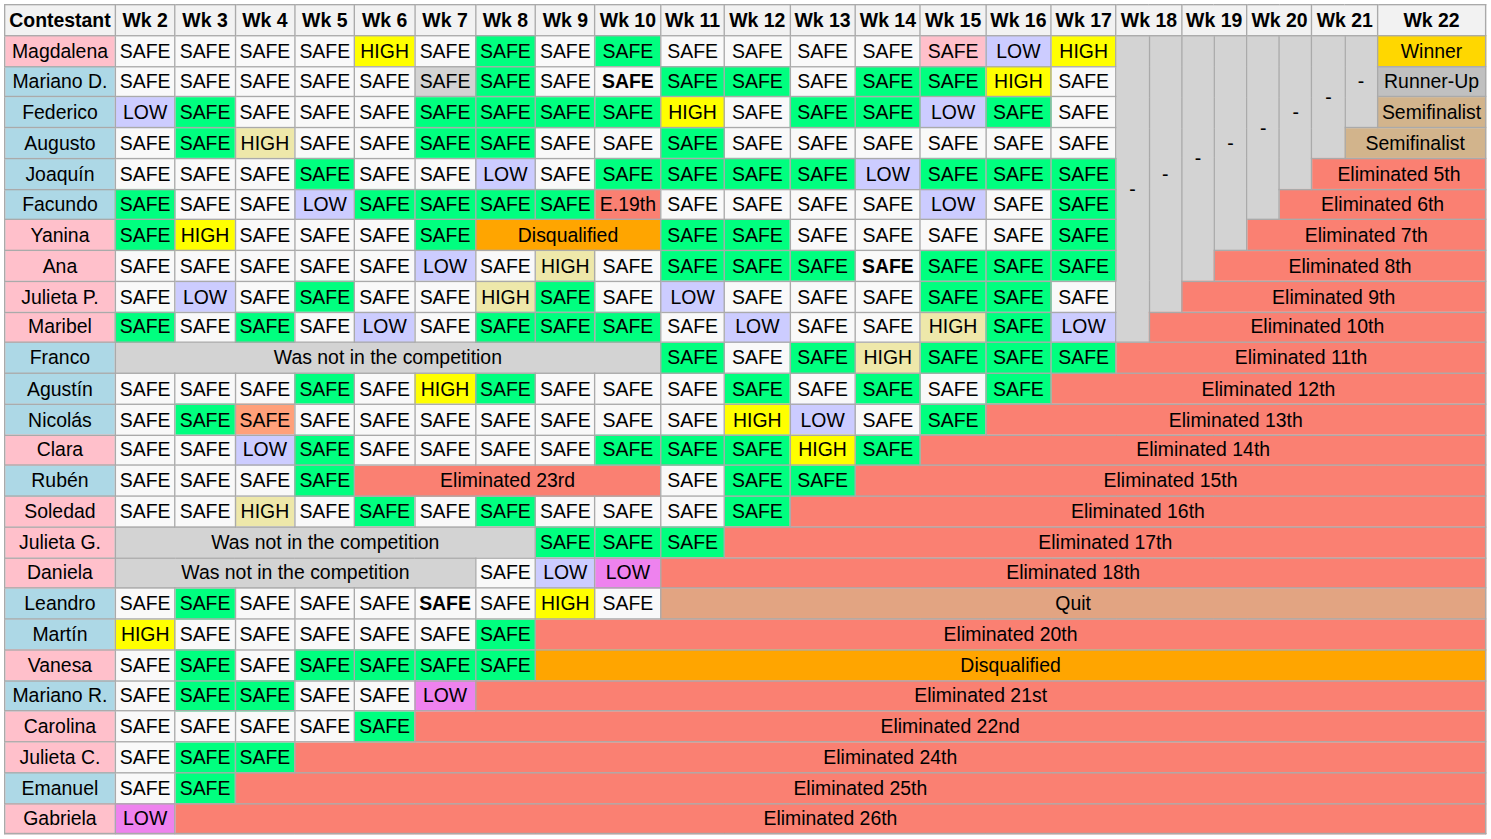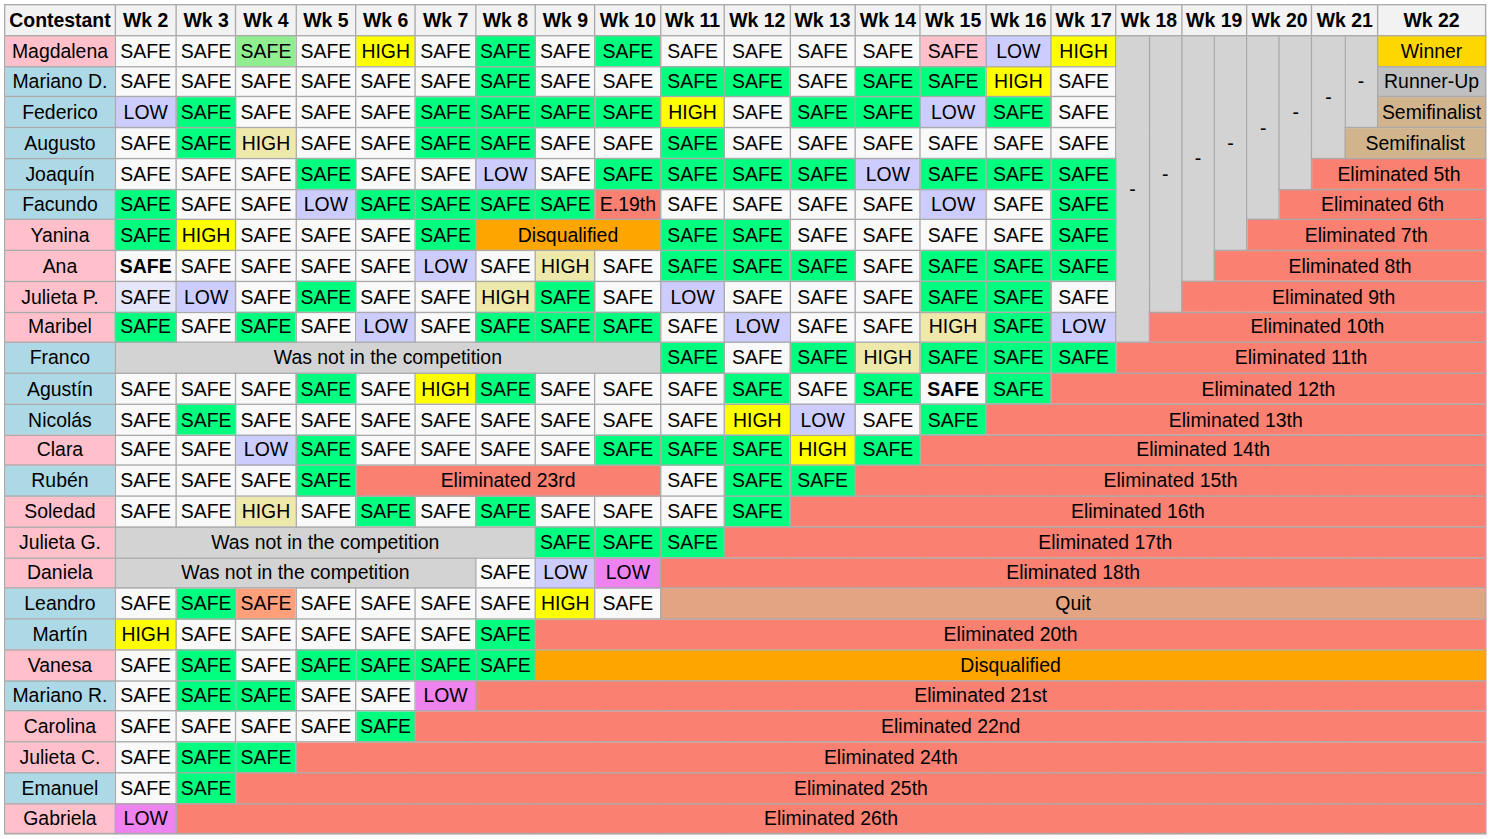 <table class="wikitable" style="font-size:90%; text-align:center">
 <tr>
 <th>Contestant</th>
 <th>Wk 2</th>
 <th>Wk 3</th>
 <th>Wk 4</th>
 <th>Wk 5</th>
 <th>Wk 6</th>
 <th>Wk 7</th>
 <th>Wk 8</th>
 <th>Wk 9</th>
 <th>Wk 10</th>
 <th>Wk 11</th>
 <th>Wk 12</th>
 <th>Wk 13</th>
 <th>Wk 14</th>
 <th>Wk 15</th>
 <th>Wk 16</th>
 <th>Wk 17</th>
 <th colspan="2">Wk 18</th>
 <th colspan="2">Wk 19</th>
 <th colspan="2">Wk 20</th>
 <th colspan="2">Wk 21</th>
 <th>Wk 22</th>
 </tr>
 <tr>
 <td bgcolor="pink">Magdalena</td>
 <td>SAFE</td>
 <td>SAFE</td>
-<td>SAFE</td>
+<td style="background: lightgreen;">SAFE</td>
 <td>SAFE</td>
 <td bgcolor="yellow">HIGH</td>
 <td>SAFE</td>
 <td bgcolor="springgreen">SAFE</td>
 <td>SAFE</td>
 <td bgcolor="springgreen">SAFE</td>
 <td>SAFE</td>
 <td>SAFE</td>
 <td>SAFE</td>
 <td>SAFE</td>
 <td style="background: pink;">SAFE</td>
 <td bgcolor="#CCCCFF">LOW</td>
 <td bgcolor="yellow">HIGH</td>
 <td rowspan=10 bgcolor=lightgray>-</td>
 <td rowspan=9 bgcolor=lightgray>-</td>
 <td rowspan=8 bgcolor=lightgray>-</td>
 <td rowspan=7 bgcolor=lightgray>-</td>
 <td rowspan=6 bgcolor=lightgray>-</td>
 <td rowspan=5 bgcolor=lightgray>-</td>
 <td rowspan=4 bgcolor=lightgray>-</td>
 <td rowspan=3 bgcolor=lightgray>-</td>
 <td bgcolor=gold>Winner</td>
 </tr>
 <tr>
 <td bgcolor="lightblue">Mariano D.</td>
 <td>SAFE</td>
 <td>SAFE</td>
 <td>SAFE</td>
 <td>SAFE</td>
 <td>SAFE</td>
-<td style="background: lightgrey;">SAFE</td>
+<td>SAFE</td>
 <td bgcolor="springgreen">SAFE</td>
 <td>SAFE</td>
-<td><strong>SAFE</strong></td>
+<td>SAFE</td>
 <td bgcolor="springgreen">SAFE</td>
 <td bgcolor="springgreen">SAFE</td>
 <td>SAFE</td>
 <td bgcolor="springgreen">SAFE</td>
 <td bgcolor="springgreen">SAFE</td>
 <td bgcolor="yellow">HIGH</td>
 <td>SAFE</td>
 <td bgcolor=silver>Runner-Up</td>
 </tr>
 <tr>
 <td bgcolor="lightblue">Federico</td>
 <td bgcolor="#CCCCFF">LOW</td>
 <td bgcolor="springgreen">SAFE</td>
 <td>SAFE</td>
 <td>SAFE</td>
 <td>SAFE</td>
 <td bgcolor="springgreen">SAFE</td>
 <td bgcolor="springgreen">SAFE</td>
 <td bgcolor="springgreen">SAFE</td>
 <td bgcolor="springgreen">SAFE</td>
 <td bgcolor="yellow">HIGH</td>
 <td>SAFE</td>
 <td bgcolor="springgreen">SAFE</td>
 <td bgcolor="springgreen">SAFE</td>
 <td bgcolor="#CCCCFF">LOW</td>
 <td bgcolor="springgreen">SAFE</td>
 <td>SAFE</td>
 <td bgcolor=tan>Semifinalist</td>
 </tr>
 <tr>
 <td bgcolor="lightblue">Augusto</td>
 <td>SAFE</td>
 <td bgcolor="springgreen">SAFE</td>
 <td bgcolor="palegoldenrod">HIGH</td>
 <td>SAFE</td>
 <td>SAFE</td>
 <td bgcolor="springgreen">SAFE</td>
 <td bgcolor="springgreen">SAFE</td>
 <td>SAFE</td>
 <td>SAFE</td>
 <td bgcolor="springgreen">SAFE</td>
 <td>SAFE</td>
 <td>SAFE</td>
 <td>SAFE</td>
 <td>SAFE</td>
 <td>SAFE</td>
 <td>SAFE</td>
 <td bgcolor=tan colspan=2>Semifinalist</td>
 </tr>
 <tr>
 <td bgcolor="lightblue">Joaquín</td>
 <td>SAFE</td>
 <td>SAFE</td>
 <td>SAFE</td>
 <td bgcolor="springgreen">SAFE</td>
 <td>SAFE</td>
 <td>SAFE</td>
 <td bgcolor="#CCCCFF">LOW</td>
 <td>SAFE</td>
 <td bgcolor="springgreen">SAFE</td>
 <td bgcolor="springgreen">SAFE</td>
 <td bgcolor="springgreen">SAFE</td>
 <td bgcolor="springgreen">SAFE</td>
 <td bgcolor="#CCCCFF">LOW</td>
 <td bgcolor="springgreen">SAFE</td>
 <td bgcolor="springgreen">SAFE</td>
 <td bgcolor="springgreen">SAFE</td>
 <td bgcolor=FA8072 colspan=3>Eliminated 5th</td>
 </tr>
 <tr>
 <td bgcolor="lightblue">Facundo</td>
 <td bgcolor="springgreen">SAFE</td>
 <td>SAFE</td>
 <td>SAFE</td>
 <td bgcolor="#CCCCFF">LOW</td>
 <td bgcolor="springgreen">SAFE</td>
 <td bgcolor="springgreen">SAFE</td>
 <td bgcolor="springgreen">SAFE</td>
 <td bgcolor="springgreen">SAFE</td>
 <td bgcolor=FA8072>E.19th</td>
 <td>SAFE</td>
 <td>SAFE</td>
 <td>SAFE</td>
 <td>SAFE</td>
 <td bgcolor="#CCCCFF">LOW</td>
 <td>SAFE</td>
 <td bgcolor="springgreen">SAFE</td>
 <td bgcolor=FA8072 colspan=4>Eliminated 6th</td>
 </tr>
 <tr>
 <td bgcolor="pink">Yanina</td>
 <td bgcolor="springgreen">SAFE</td>
 <td bgcolor="yellow">HIGH</td>
 <td>SAFE</td>
 <td>SAFE</td>
 <td>SAFE</td>
 <td bgcolor="springgreen">SAFE</td>
 <td bgcolor=orange colspan=3>Disqualified</td>
 <td bgcolor="springgreen">SAFE</td>
 <td bgcolor="springgreen">SAFE</td>
 <td>SAFE</td>
 <td>SAFE</td>
 <td>SAFE</td>
 <td>SAFE</td>
 <td bgcolor="springgreen">SAFE</td>
 <td bgcolor=FA8072 colspan=5>Eliminated 7th</td>
 </tr>
 <tr>
 <td bgcolor="pink">Ana</td>
-<td>SAFE</td>
+<td><strong>SAFE</strong></td>
 <td>SAFE</td>
 <td>SAFE</td>
 <td>SAFE</td>
 <td>SAFE</td>
 <td bgcolor="#CCCCFF">LOW</td>
 <td>SAFE</td>
 <td bgcolor="palegoldenrod">HIGH</td>
 <td>SAFE</td>
 <td bgcolor="springgreen">SAFE</td>
 <td bgcolor="springgreen">SAFE</td>
 <td bgcolor="springgreen">SAFE</td>
-<td><strong>SAFE</strong></td>
+<td>SAFE</td>
 <td bgcolor="springgreen">SAFE</td>
 <td bgcolor="springgreen">SAFE</td>
 <td bgcolor="springgreen">SAFE</td>
 <td bgcolor=FA8072 colspan=6>Eliminated 8th</td>
 </tr>
 <tr>
 <td bgcolor="pink">Julieta P.</td>
-<td>SAFE</td>
+<td style="background: lavender;">SAFE</td>
 <td bgcolor="#CCCCFF">LOW</td>
 <td>SAFE</td>
 <td bgcolor="springgreen">SAFE</td>
 <td>SAFE</td>
 <td>SAFE</td>
 <td bgcolor="palegoldenrod">HIGH</td>
 <td bgcolor="springgreen">SAFE</td>
 <td>SAFE</td>
 <td bgcolor="#CCCCFF">LOW</td>
 <td>SAFE</td>
 <td>SAFE</td>
 <td>SAFE</td>
 <td bgcolor="springgreen">SAFE</td>
 <td bgcolor="springgreen">SAFE</td>
 <td>SAFE</td>
 <td bgcolor=FA8072 colspan=7>Eliminated 9th</td>
 </tr>
 <tr>
 <td bgcolor="pink">Maribel</td>
 <td bgcolor="springgreen">SAFE</td>
 <td>SAFE</td>
 <td bgcolor="springgreen">SAFE</td>
 <td>SAFE</td>
 <td bgcolor="#CCCCFF">LOW</td>
 <td>SAFE</td>
 <td bgcolor="springgreen">SAFE</td>
 <td bgcolor="springgreen">SAFE</td>
 <td bgcolor="springgreen">SAFE</td>
 <td>SAFE</td>
 <td bgcolor="#CCCCFF">LOW</td>
 <td>SAFE</td>
 <td>SAFE</td>
 <td bgcolor="palegoldenrod">HIGH</td>
 <td bgcolor="springgreen">SAFE</td>
 <td bgcolor="#CCCCFF">LOW</td>
 <td bgcolor=FA8072 colspan=8>Eliminated 10th</td>
 </tr>
 <tr>
 <td bgcolor="lightblue">Franco</td>
 <td bgcolor=lightgray colspan=9>Was not in the competition</td>
 <td bgcolor="springgreen">SAFE</td>
 <td>SAFE</td>
 <td bgcolor="springgreen">SAFE</td>
 <td bgcolor="palegoldenrod">HIGH</td>
 <td bgcolor="springgreen">SAFE</td>
 <td bgcolor="springgreen">SAFE</td>
 <td bgcolor="springgreen">SAFE</td>
 <td bgcolor=FA8072 colspan=9>Eliminated 11th</td>
 </tr>
 <tr>
 <td bgcolor="lightblue">Agustín</td>
 <td>SAFE</td>
 <td>SAFE</td>
 <td>SAFE</td>
 <td bgcolor="springgreen">SAFE</td>
 <td>SAFE</td>
 <td bgcolor="yellow">HIGH</td>
 <td bgcolor="springgreen">SAFE</td>
 <td>SAFE</td>
 <td>SAFE</td>
 <td>SAFE</td>
 <td bgcolor="springgreen">SAFE</td>
 <td>SAFE</td>
 <td bgcolor="springgreen">SAFE</td>
-<td>SAFE</td>
+<td><strong>SAFE</strong></td>
 <td bgcolor="springgreen">SAFE</td>
 <td bgcolor=FA8072 colspan=10>Eliminated 12th</td>
 </tr>
 <tr>
 <td bgcolor="lightblue">Nicolás</td>
 <td>SAFE</td>
 <td bgcolor="springgreen">SAFE</td>
-<td style="background: lightsalmon;">SAFE</td>
+<td>SAFE</td>
 <td>SAFE</td>
 <td>SAFE</td>
 <td>SAFE</td>
 <td>SAFE</td>
 <td>SAFE</td>
 <td>SAFE</td>
 <td>SAFE</td>
 <td bgcolor="yellow">HIGH</td>
 <td bgcolor="#CCCCFF">LOW</td>
 <td>SAFE</td>
 <td bgcolor="springgreen">SAFE</td>
 <td bgcolor=FA8072 colspan=11>Eliminated 13th</td>
 </tr>
 <tr>
 <td bgcolor="pink">Clara</td>
 <td>SAFE</td>
 <td>SAFE</td>
 <td bgcolor="#CCCCFF">LOW</td>
 <td bgcolor="springgreen">SAFE</td>
 <td>SAFE</td>
 <td>SAFE</td>
 <td>SAFE</td>
 <td>SAFE</td>
 <td bgcolor="springgreen">SAFE</td>
 <td bgcolor="springgreen">SAFE</td>
 <td bgcolor="springgreen">SAFE</td>
 <td bgcolor="yellow">HIGH</td>
 <td bgcolor="springgreen">SAFE</td>
 <td bgcolor=FA8072 colspan=12>Eliminated 14th</td>
 </tr>
 <tr>
 <td bgcolor="lightblue">Rubén</td>
 <td>SAFE</td>
 <td>SAFE</td>
 <td>SAFE</td>
 <td bgcolor="springgreen">SAFE</td>
 <td bgcolor=FA8072 colspan=5>Eliminated 23rd</td>
 <td>SAFE</td>
 <td bgcolor="springgreen">SAFE</td>
 <td bgcolor="springgreen">SAFE</td>
 <td bgcolor=FA8072 colspan=13>Eliminated 15th</td>
 </tr>
 <tr>
 <td bgcolor="pink">Soledad</td>
 <td>SAFE</td>
 <td>SAFE</td>
 <td bgcolor="palegoldenrod">HIGH</td>
 <td>SAFE</td>
 <td bgcolor="springgreen">SAFE</td>
 <td>SAFE</td>
 <td bgcolor="springgreen">SAFE</td>
 <td>SAFE</td>
 <td>SAFE</td>
 <td>SAFE</td>
 <td bgcolor="springgreen">SAFE</td>
 <td bgcolor=FA8072 colspan=14>Eliminated 16th</td>
 </tr>
 <tr>
 <td bgcolor="pink">Julieta G.</td>
 <td bgcolor=lightgray colspan=7>Was not in the competition</td>
 <td bgcolor="springgreen">SAFE</td>
 <td bgcolor="springgreen">SAFE</td>
 <td bgcolor="springgreen">SAFE</td>
 <td bgcolor=FA8072 colspan=15>Eliminated 17th</td>
 </tr>
 <tr>
 <td bgcolor="pink">Daniela</td>
 <td bgcolor=lightgray colspan=6>Was not in the competition</td>
 <td>SAFE</td>
 <td bgcolor="#CCCCFF">LOW</td>
 <td bgcolor="violet">LOW</td>
 <td bgcolor=FA8072 colspan=16>Eliminated 18th</td>
 </tr>
 <tr>
 <td bgcolor="lightblue">Leandro</td>
 <td>SAFE</td>
 <td bgcolor="springgreen">SAFE</td>
+<td style="background: lightsalmon;">SAFE</td>
 <td>SAFE</td>
 <td>SAFE</td>
 <td>SAFE</td>
-<td><strong>SAFE</strong></td>
 <td>SAFE</td>
 <td bgcolor="yellow">HIGH</td>
 <td>SAFE</td>
 <td bgcolor=#E2A482 colspan=16>Quit</td>
 </tr>
 <tr>
 <td bgcolor="lightblue">Martín</td>
 <td bgcolor="yellow">HIGH</td>
 <td>SAFE</td>
 <td>SAFE</td>
 <td>SAFE</td>
 <td>SAFE</td>
 <td>SAFE</td>
 <td bgcolor="springgreen">SAFE</td>
 <td bgcolor=FA8072 colspan=18>Eliminated 20th</td>
 </tr>
 <tr>
 <td bgcolor="pink">Vanesa</td>
 <td>SAFE</td>
 <td bgcolor="springgreen">SAFE</td>
 <td>SAFE</td>
 <td bgcolor="springgreen">SAFE</td>
 <td bgcolor="springgreen">SAFE</td>
 <td bgcolor="springgreen">SAFE</td>
 <td bgcolor="springgreen">SAFE</td>
 <td bgcolor=orange colspan=18>Disqualified</td>
 </tr>
 <tr>
 <td bgcolor="lightblue">Mariano R.</td>
 <td>SAFE</td>
 <td bgcolor="springgreen">SAFE</td>
 <td bgcolor="springgreen">SAFE</td>
 <td>SAFE</td>
 <td>SAFE</td>
 <td bgcolor="violet">LOW</td>
 <td bgcolor=FA8072 colspan=19>Eliminated 21st</td>
 </tr>
 <tr>
 <td bgcolor="pink">Carolina</td>
 <td>SAFE</td>
 <td>SAFE</td>
 <td>SAFE</td>
 <td>SAFE</td>
 <td bgcolor="springgreen">SAFE</td>
 <td bgcolor=FA8072 colspan=20>Eliminated 22nd</td>
 </tr>
 <tr>
 <td bgcolor="pink">Julieta C.</td>
 <td>SAFE</td>
 <td bgcolor="springgreen">SAFE</td>
 <td bgcolor="springgreen">SAFE</td>
 <td bgcolor=FA8072 colspan=22>Eliminated 24th</td>
 </tr>
 <tr>
 <td bgcolor="lightblue">Emanuel</td>
 <td>SAFE</td>
 <td bgcolor="springgreen">SAFE</td>
 <td bgcolor=FA8072 colspan=23>Eliminated 25th</td>
 </tr>
 <tr>
 <td bgcolor="pink">Gabriela</td>
 <td bgcolor="violet">LOW</td>
 <td bgcolor=FA8072 colspan=24>Eliminated 26th</td>
 </tr>
 <tr>
 </tr>
 </table>
